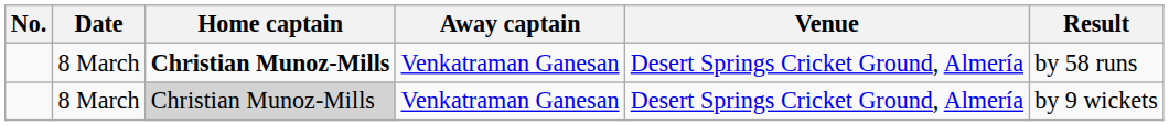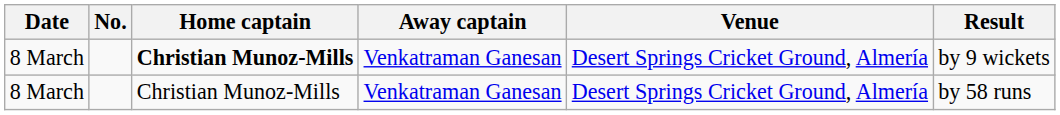 <table class="wikitable">
 <tr>
+<th>Date</th>
 <th>No.</th>
-<th>Date</th>
 <th>Home captain</th>
 <th>Away captain</th>
 <th>Venue</th>
 <th>Result</th>
 </tr>
 <tr>
+<td>8 March</td>
 <td></td>
+<td><strong>Christian Munoz-Mills</strong></td>
+<td><a href='#'>Venkatraman Ganesan</a></td>
+<td><a href='#'>Desert Springs Cricket Ground</a>, <a href='#'>Almería</a></td>
+<td> by 9 wickets</td>
+</tr>
+<tr>
 <td>8 March</td>
-<td><strong>Christian Munoz-Mills</strong></td>
+<td></td>
+<td>Christian Munoz-Mills</td>
 <td><a href='#'>Venkatraman Ganesan</a></td>
 <td><a href='#'>Desert Springs Cricket Ground</a>, <a href='#'>Almería</a></td>
 <td> by 58 runs</td>
 </tr>
-<tr>
-<td></td>
-<td>8 March</td>
-<td style="background: lightgrey;">Christian Munoz-Mills</td>
-<td><a href='#'>Venkatraman Ganesan</a></td>
-<td><a href='#'>Desert Springs Cricket Ground</a>, <a href='#'>Almería</a></td>
-<td> by 9 wickets</td>
-</tr>
 </table>
